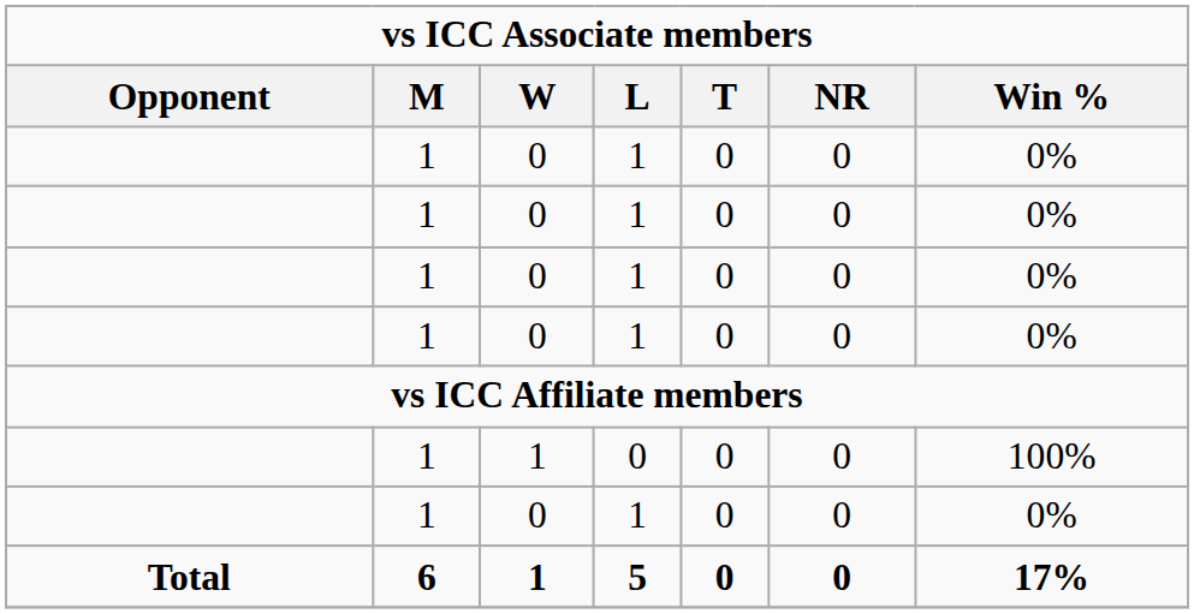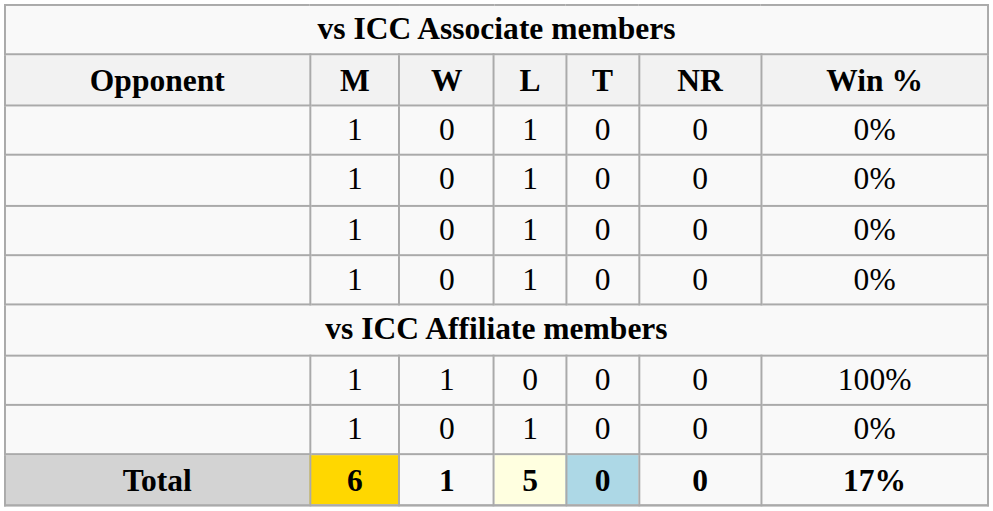 <table class="wikitable" style="text-align: center; width: 500px;">
 <tr>
 <td colspan=7 align="center"><strong>vs ICC Associate members</strong></td>
 </tr>
 <tr>
 <th>Opponent</th>
 <th>M</th>
 <th>W</th>
 <th>L</th>
 <th>T</th>
 <th>NR</th>
 <th>Win %</th>
 </tr>
 <tr>
 <td align="left"></td>
 <td>1</td>
 <td>0</td>
 <td>1</td>
 <td>0</td>
 <td>0</td>
 <td>0%</td>
 </tr>
 <tr>
 <td align="left"></td>
 <td>1</td>
 <td>0</td>
 <td>1</td>
 <td>0</td>
 <td>0</td>
 <td>0%</td>
 </tr>
 <tr>
 <td align="left"></td>
 <td>1</td>
 <td>0</td>
 <td>1</td>
 <td>0</td>
 <td>0</td>
 <td>0%</td>
 </tr>
 <tr>
 <td align="left"></td>
 <td>1</td>
 <td>0</td>
 <td>1</td>
 <td>0</td>
 <td>0</td>
 <td>0%</td>
 </tr>
 <tr>
 <td colspan=7 align="center"><strong>vs ICC Affiliate members</strong></td>
 </tr>
 <tr>
 <td align="left"></td>
 <td>1</td>
 <td>1</td>
 <td>0</td>
 <td>0</td>
 <td>0</td>
 <td>100%</td>
 </tr>
 <tr>
 <td align="left"></td>
 <td>1</td>
 <td>0</td>
 <td>1</td>
 <td>0</td>
 <td>0</td>
 <td>0%</td>
 </tr>
 <tr>
-<td><strong>Total</strong></td>
-<td><strong>6</strong></td>
+<td style="background: lightgrey;"><strong>Total</strong></td>
+<td style="background: gold;"><strong>6</strong></td>
 <td><strong>1</strong></td>
-<td><strong>5</strong></td>
-<td><strong>0</strong></td>
+<td style="background: lightyellow;"><strong>5</strong></td>
+<td style="background: lightblue;"><strong>0</strong></td>
 <td><strong>0</strong></td>
 <td><strong>17%</strong></td>
 </tr>
 <tr>
 </tr>
 </table>
